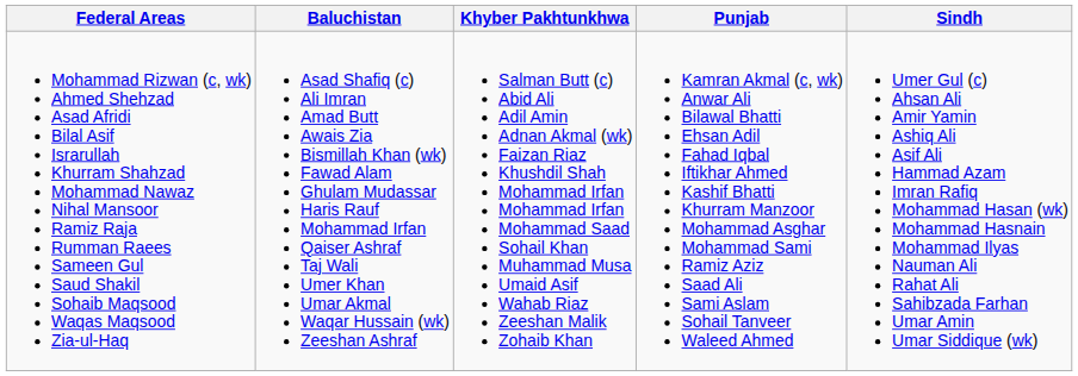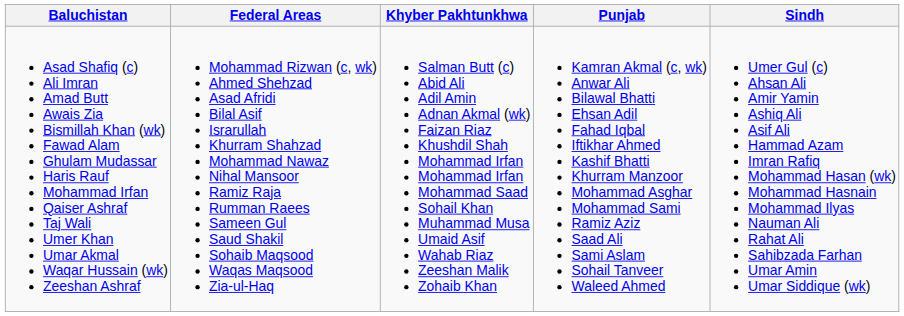 <table class="wikitable" style="text-align:left; margin:auto">
 <tr>
+<th style="width=20%;"><a href='#'>Baluchistan</a></th>
 <th style="width=20%;"><a href='#'>Federal Areas</a></th>
-<th style="width=20%;"><a href='#'>Baluchistan</a></th>
 <th style="width=20%;"><a href='#'>Khyber Pakhtunkhwa</a></th>
 <th style="width=20%;"><a href='#'>Punjab</a></th>
 <th style="width=20%;"><a href='#'>Sindh</a></th>
 </tr>
 <tr>
+<td valign=top><br><ul><li><a href='#'>Asad Shafiq</a> (<a href='#'>c</a>)</li><li><a href='#'>Ali Imran</a></li><li><a href='#'>Amad Butt</a></li><li><a href='#'>Awais Zia</a></li><li><a href='#'>Bismillah Khan</a> (<a href='#'>wk</a>)</li><li><a href='#'>Fawad Alam</a></li><li><a href='#'>Ghulam Mudassar</a></li><li><a href='#'>Haris Rauf</a></li><li><a href='#'>Mohammad Irfan</a></li><li><a href='#'>Qaiser Ashraf</a></li><li><a href='#'>Taj Wali</a></li><li><a href='#'>Umer Khan</a></li><li><a href='#'>Umar Akmal</a></li><li><a href='#'>Waqar Hussain</a> (<a href='#'>wk</a>)</li><li><a href='#'>Zeeshan Ashraf</a></li></ul></td>
 <td valign=top><br><ul><li><a href='#'>Mohammad Rizwan</a> (<a href='#'>c</a>, <a href='#'>wk</a>)</li><li><a href='#'>Ahmed Shehzad</a></li><li><a href='#'>Asad Afridi</a></li><li><a href='#'>Bilal Asif</a></li><li><a href='#'>Israrullah</a></li><li><a href='#'>Khurram Shahzad</a></li><li><a href='#'>Mohammad Nawaz</a></li><li><a href='#'>Nihal Mansoor</a></li><li><a href='#'>Ramiz Raja</a></li><li><a href='#'>Rumman Raees</a></li><li><a href='#'>Sameen Gul</a></li><li><a href='#'>Saud Shakil</a></li><li><a href='#'>Sohaib Maqsood</a></li><li><a href='#'>Waqas Maqsood</a></li><li><a href='#'>Zia-ul-Haq</a></li></ul></td>
-<td valign=top><br><ul><li><a href='#'>Asad Shafiq</a> (<a href='#'>c</a>)</li><li><a href='#'>Ali Imran</a></li><li><a href='#'>Amad Butt</a></li><li><a href='#'>Awais Zia</a></li><li><a href='#'>Bismillah Khan</a> (<a href='#'>wk</a>)</li><li><a href='#'>Fawad Alam</a></li><li><a href='#'>Ghulam Mudassar</a></li><li><a href='#'>Haris Rauf</a></li><li><a href='#'>Mohammad Irfan</a></li><li><a href='#'>Qaiser Ashraf</a></li><li><a href='#'>Taj Wali</a></li><li><a href='#'>Umer Khan</a></li><li><a href='#'>Umar Akmal</a></li><li><a href='#'>Waqar Hussain</a> (<a href='#'>wk</a>)</li><li><a href='#'>Zeeshan Ashraf</a></li></ul></td>
 <td valign=top><br><ul><li><a href='#'>Salman Butt</a> (<a href='#'>c</a>)</li><li><a href='#'>Abid Ali</a></li><li><a href='#'>Adil Amin</a></li><li><a href='#'>Adnan Akmal</a> (<a href='#'>wk</a>)</li><li><a href='#'>Faizan Riaz</a></li><li><a href='#'>Khushdil Shah</a></li><li><a href='#'>Mohammad Irfan</a></li><li><a href='#'>Mohammad Irfan</a></li><li><a href='#'>Mohammad Saad</a></li><li><a href='#'>Sohail Khan</a></li><li><a href='#'>Muhammad Musa</a></li><li><a href='#'>Umaid Asif</a></li><li><a href='#'>Wahab Riaz</a></li><li><a href='#'>Zeeshan Malik</a></li><li><a href='#'>Zohaib Khan</a></li></ul></td>
 <td valign=top><br><ul><li><a href='#'>Kamran Akmal</a> (<a href='#'>c</a>, <a href='#'>wk</a>)</li><li><a href='#'>Anwar Ali</a></li><li><a href='#'>Bilawal Bhatti</a></li><li><a href='#'>Ehsan Adil</a></li><li><a href='#'>Fahad Iqbal</a></li><li><a href='#'>Iftikhar Ahmed</a></li><li><a href='#'>Kashif Bhatti</a></li><li><a href='#'>Khurram Manzoor</a></li><li><a href='#'>Mohammad Asghar</a></li><li><a href='#'>Mohammad Sami</a></li><li><a href='#'>Ramiz Aziz</a></li><li><a href='#'>Saad Ali</a></li><li><a href='#'>Sami Aslam</a></li><li><a href='#'>Sohail Tanveer</a></li><li><a href='#'>Waleed Ahmed</a></li></ul></td>
 <td valign=top><br><ul><li><a href='#'>Umer Gul</a> (<a href='#'>c</a>)</li><li><a href='#'>Ahsan Ali</a></li><li><a href='#'>Amir Yamin</a></li><li><a href='#'>Ashiq Ali</a></li><li><a href='#'>Asif Ali</a></li><li><a href='#'>Hammad Azam</a></li><li><a href='#'>Imran Rafiq</a></li><li><a href='#'>Mohammad Hasan</a> (<a href='#'>wk</a>)</li><li><a href='#'>Mohammad Hasnain</a></li><li><a href='#'>Mohammad Ilyas</a></li><li><a href='#'>Nauman Ali</a></li><li><a href='#'>Rahat Ali</a></li><li><a href='#'>Sahibzada Farhan</a></li><li><a href='#'>Umar Amin</a></li><li><a href='#'>Umar Siddique</a> (<a href='#'>wk</a>)</li></ul></td>
 </tr>
 </table>
